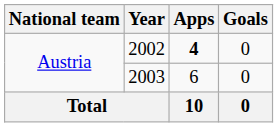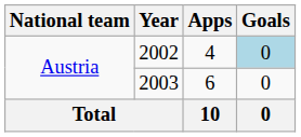 <table class="wikitable" style="text-align:center">
 <tr>
 <th>National team</th>
 <th>Year</th>
 <th>Apps</th>
 <th>Goals</th>
 </tr>
 <tr>
 <td rowspan="2"><a href='#'>Austria</a></td>
 <td>2002</td>
-<td><strong>4</strong></td>
-<td>0</td>
+<td>4</td>
+<td style="background: lightblue;">0</td>
 </tr>
 <tr>
 <td>2003</td>
 <td>6</td>
 <td>0</td>
 </tr>
 <tr>
 <th colspan="2">Total</th>
 <th>10</th>
 <th>0</th>
 </tr>
 </table>
